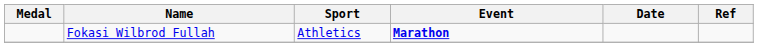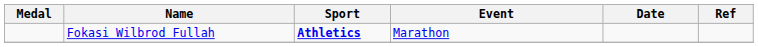 <table class="wikitable sortable" style="font-size:100%">
 <tr>
 <th width="60">Medal</th>
 <th width="250">Name</th>
 <th width="100">Sport</th>
 <th width="230">Event</th>
 <th width="100">Date</th>
 <th width="55">Ref</th>
 </tr>
 <tr>
 <td></td>
 <td><a href='#'>Fokasi Wilbrod Fullah</a></td>
-<td><a href='#'>Athletics</a></td>
-<td><strong><a href='#'>Marathon</a></strong></td>
+<td><strong><a href='#'>Athletics</a></strong></td>
+<td><a href='#'>Marathon</a></td>
 <td></td>
 <td></td>
 </tr>
 <tr>
 </tr>
 </table>
